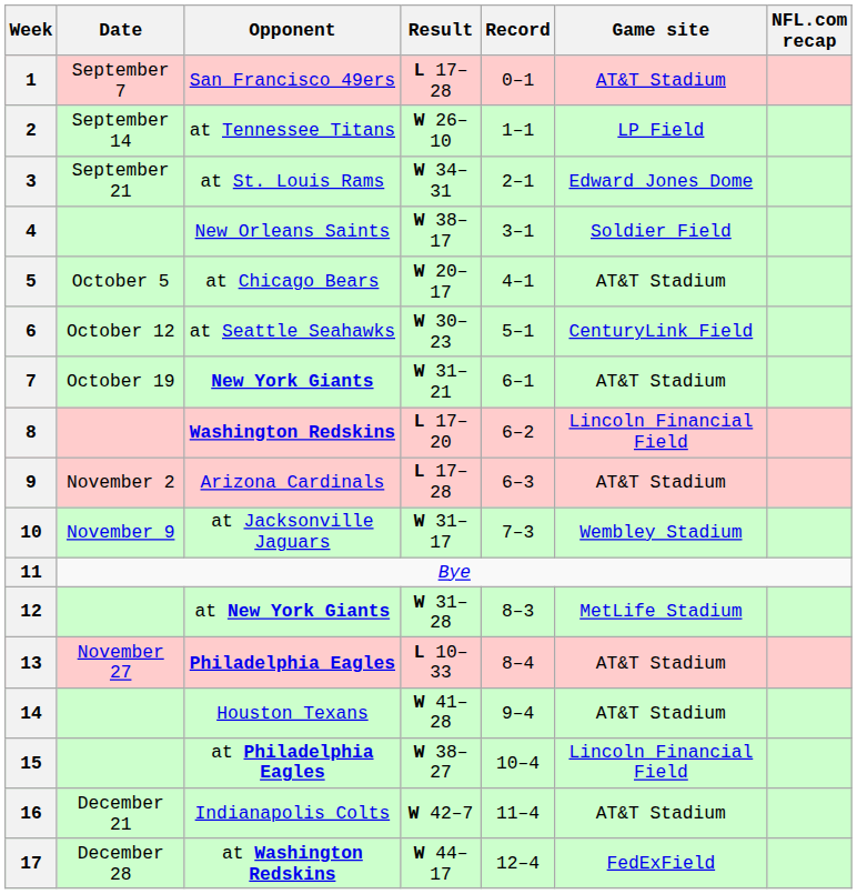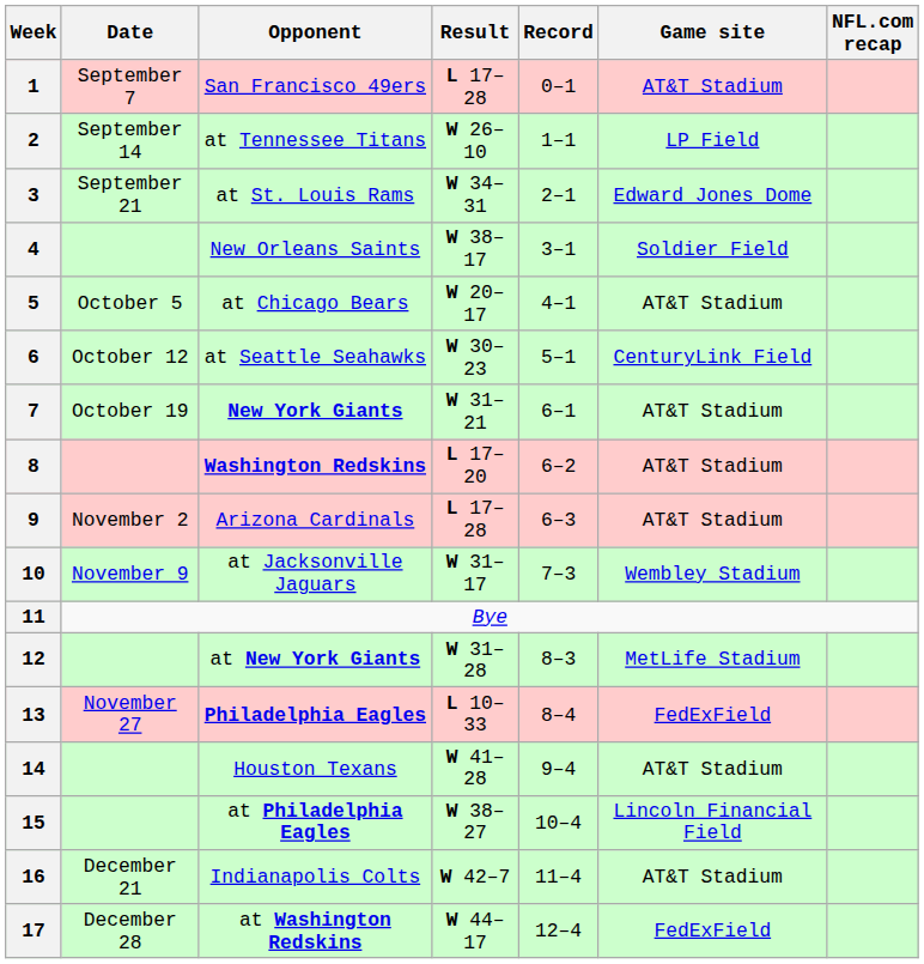 <table class="wikitable" style="text-align:center">
 <tr>
 <th>Week</th>
 <th>Date</th>
 <th>Opponent</th>
 <th>Result</th>
 <th>Record</th>
 <th>Game site</th>
 <th>NFL.com<br>recap</th>
 </tr>
 <tr style="background:#fcc; text-align:center;">
 <th>1</th>
 <td>September 7</td>
 <td><a href='#'>San Francisco 49ers</a></td>
 <td><strong>L</strong> 17–28</td>
 <td>0–1</td>
 <td><a href='#'>AT&T Stadium</a></td>
 <td></td>
 </tr>
 <tr style="background:#cfc; text-align:center;">
 <th>2</th>
 <td>September 14</td>
 <td>at <a href='#'>Tennessee Titans</a></td>
 <td><strong>W</strong> 26–10</td>
 <td>1–1</td>
 <td><a href='#'>LP Field</a></td>
 <td></td>
 </tr>
 <tr style="background:#cfc; text-align:center;">
 <th>3</th>
 <td>September 21</td>
 <td>at <a href='#'>St. Louis Rams</a></td>
 <td><strong>W</strong> 34–31</td>
 <td>2–1</td>
 <td><a href='#'>Edward Jones Dome</a></td>
 <td></td>
 </tr>
 <tr style="background:#cfc; text-align:center;">
 <th>4</th>
 <td></td>
 <td><a href='#'>New Orleans Saints</a></td>
 <td><strong>W</strong> 38–17</td>
 <td>3–1</td>
 <td><a href='#'>Soldier Field</a></td>
 <td></td>
 </tr>
 <tr style="background:#cfc; text-align:center;">
 <th>5</th>
 <td>October 5</td>
 <td>at <a href='#'>Chicago Bears</a></td>
 <td><strong>W</strong>  20–17 </td>
 <td>4–1</td>
 <td>AT&T Stadium</td>
 <td></td>
 </tr>
 <tr style="background:#cfc; text-align:center;">
 <th>6</th>
 <td>October 12</td>
 <td>at <a href='#'>Seattle Seahawks</a></td>
 <td><strong>W</strong> 30–23</td>
 <td>5–1</td>
 <td><a href='#'>CenturyLink Field</a></td>
 <td></td>
 </tr>
 <tr style="background:#cfc; text-align:center;">
 <th>7</th>
 <td>October 19</td>
 <td><strong><a href='#'>New York Giants</a></strong></td>
 <td><strong>W</strong> 31–21</td>
 <td>6–1</td>
 <td>AT&T Stadium</td>
 <td></td>
 </tr>
 <tr style="background:#fcc; text-align:center;">
 <th>8</th>
 <td></td>
 <td><strong><a href='#'>Washington Redskins</a></strong></td>
 <td><strong>L</strong> 17–20 </td>
 <td>6–2</td>
-<td><a href='#'>Lincoln Financial Field</a></td>
+<td>AT&T Stadium</td>
 <td></td>
 </tr>
 <tr style="background:#fcc; text-align:center;">
 <th>9</th>
 <td>November 2</td>
 <td><a href='#'>Arizona Cardinals</a></td>
 <td><strong>L</strong> 17–28</td>
 <td>6–3</td>
 <td>AT&T Stadium</td>
 <td></td>
 </tr>
 <tr style="background:#cfc; text-align:center;">
 <th>10</th>
 <td><a href='#'>November 9</a></td>
 <td>at <a href='#'>Jacksonville Jaguars</a></td>
 <td><strong>W</strong> 31–17</td>
 <td>7–3</td>
 <td> <a href='#'>Wembley Stadium</a> </td>
 <td></td>
 </tr>
 <tr>
 <th>11</th>
 <td colspan="7" style="text-align:center;"><em><a href='#'>Bye</a></em></td>
 </tr>
 <tr style="background:#cfc; text-align:center;">
 <th>12</th>
 <td></td>
 <td>at <strong><a href='#'>New York Giants</a></strong></td>
 <td><strong>W</strong> 31–28</td>
 <td>8–3</td>
 <td><a href='#'>MetLife Stadium</a></td>
 <td></td>
 </tr>
 <tr style="background:#fcc; text-align:center;">
 <th>13</th>
 <td><a href='#'>November 27</a></td>
 <td><strong><a href='#'>Philadelphia Eagles</a></strong></td>
 <td><strong>L</strong> 10–33</td>
 <td>8–4</td>
-<td>AT&T Stadium</td>
+<td><a href='#'>FedExField</a></td>
 <td></td>
 </tr>
 <tr style="background:#cfc; text-align:center;">
 <th>14</th>
 <td></td>
 <td><a href='#'>Houston Texans</a></td>
 <td><strong>W</strong> 41–28</td>
 <td>9–4</td>
 <td>AT&T Stadium</td>
 <td></td>
 </tr>
 <tr style="background:#cfc; text-align:center;">
 <th>15</th>
 <td></td>
 <td>at <strong><a href='#'>Philadelphia Eagles</a></strong></td>
 <td><strong>W</strong> 38–27</td>
 <td>10–4</td>
 <td><a href='#'>Lincoln Financial Field</a></td>
 <td></td>
 </tr>
 <tr style="background:#cfc; text-align:center;">
 <th>16</th>
 <td>December 21</td>
 <td><a href='#'>Indianapolis Colts</a></td>
 <td><strong>W</strong> 42–7</td>
 <td>11–4</td>
 <td>AT&T Stadium</td>
 <td></td>
 </tr>
 <tr style="background:#cfc; text-align:center;">
 <th>17</th>
 <td>December 28</td>
 <td>at <strong><a href='#'>Washington Redskins</a></strong></td>
 <td><strong>W</strong> 44–17</td>
 <td>12–4</td>
 <td><a href='#'>FedExField</a></td>
 <td></td>
 </tr>
 </table>
